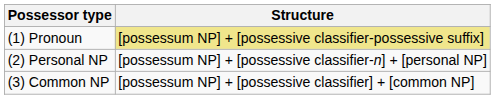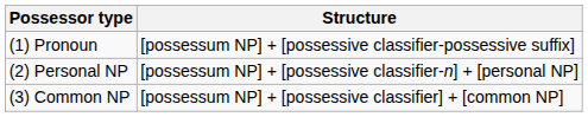 <table class="wikitable">
 <tr>
 <th>Possessor type</th>
 <th>Structure</th>
 </tr>
 <tr>
 <td>(1) Pronoun</td>
-<td style="background: khaki;">[possessum NP] + [possessive classifier-possessive suffix]</td>
+<td>[possessum NP] + [possessive classifier-possessive suffix]</td>
 </tr>
 <tr>
 <td>(2) Personal NP</td>
 <td>[possessum NP] + [possessive classifier-<em>n</em>] + [personal NP]</td>
 </tr>
 <tr>
 <td>(3) Common NP</td>
 <td>[possessum NP] + [possessive classifier] + [common NP]</td>
 </tr>
 </table>
